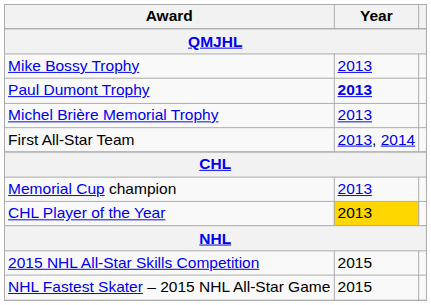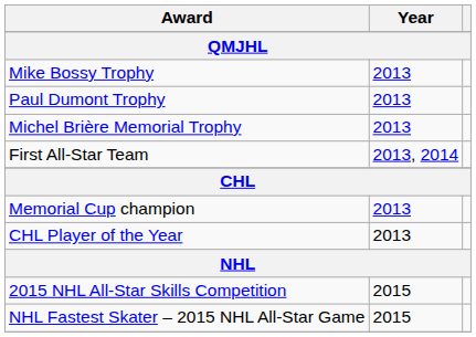 <table class="wikitable">
 <tr>
 <th>Award</th>
 <th>Year</th>
 <th></th>
 </tr>
 <tr>
 </tr>
 <tr ALIGN="center" bgcolor="#e0e0e0">
 <th colspan="4"><a href='#'>QMJHL</a></th>
 </tr>
 <tr>
 <td><a href='#'>Mike Bossy Trophy</a></td>
 <td><a href='#'>2013</a></td>
 <td></td>
 </tr>
 <tr>
 <td><a href='#'>Paul Dumont Trophy</a></td>
-<td><strong><a href='#'>2013</a></strong></td>
+<td><a href='#'>2013</a></td>
 <td></td>
 </tr>
 <tr>
 <td><a href='#'>Michel Brière Memorial Trophy</a></td>
 <td><a href='#'>2013</a></td>
 <td></td>
 </tr>
 <tr>
 <td>First All-Star Team</td>
 <td><a href='#'>2013</a>, <a href='#'>2014</a></td>
 <td></td>
 </tr>
 <tr>
 </tr>
 <tr ALIGN="center" bgcolor="#e0e0e0">
 <th colspan="4"><a href='#'>CHL</a></th>
 </tr>
 <tr>
 <td><a href='#'>Memorial Cup</a> champion</td>
 <td><a href='#'>2013</a></td>
 <td></td>
 </tr>
 <tr>
 <td><a href='#'>CHL Player of the Year</a></td>
-<td style="background: gold;">2013</td>
+<td>2013</td>
 <td></td>
 </tr>
 <tr ALIGN="center" bgcolor="#e0e0e0">
 <th colspan="3"><a href='#'>NHL</a></th>
 </tr>
 <tr>
 <td><a href='#'>2015 NHL All-Star Skills Competition</a></td>
 <td>2015</td>
 <td></td>
 </tr>
 <tr>
 <td><a href='#'>NHL Fastest Skater</a> – 2015 NHL All-Star Game</td>
 <td>2015</td>
 <td></td>
 </tr>
 <tr>
 </tr>
 </table>
